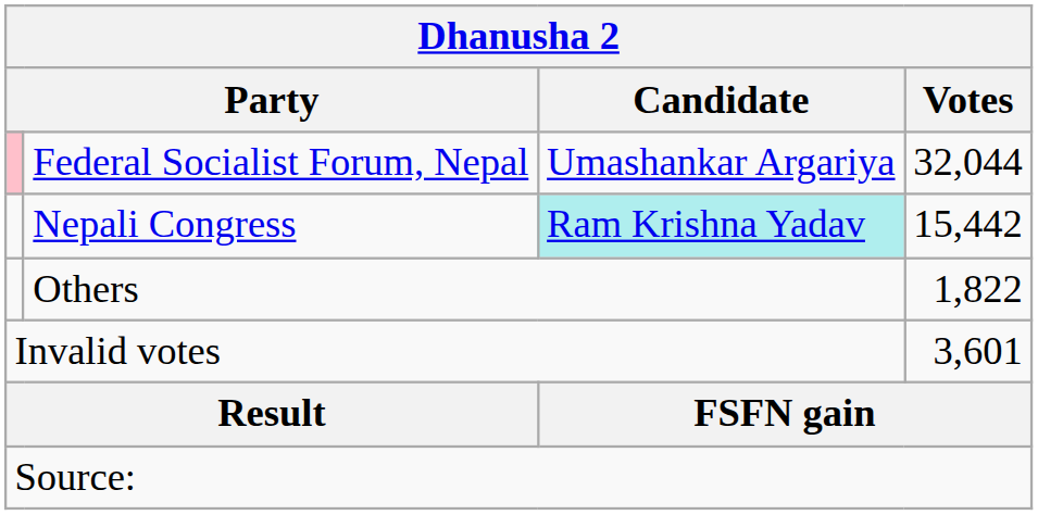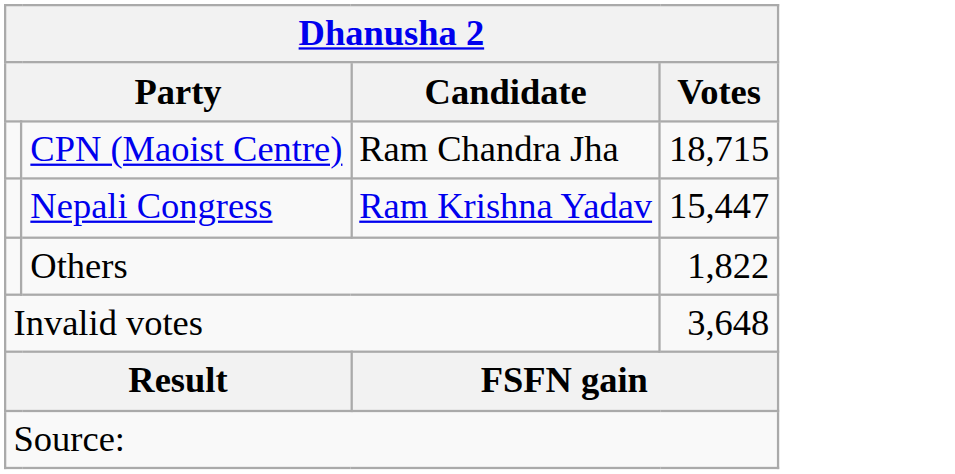 <table class="wikitable">
 <tr>
 <th colspan="4"><a href='#'>Dhanusha 2</a></th>
 </tr>
 <tr>
 <th colspan="2">Party</th>
 <th>Candidate</th>
 <th>Votes</th>
 </tr>
 <tr>
-<td style="background-color:#ffc0cb"></td>
-<td><a href='#'>Federal Socialist Forum, Nepal</a></td>
-<td><a href='#'>Umashankar Argariya</a></td>
-<td style="text-align:right ">32,044</td>
+<td style="background-color:"></td>
+<td><a href='#'>CPN (Maoist Centre)</a></td>
+<td>Ram Chandra Jha</td>
+<td style="text-align:right ">18,715</td>
 </tr>
 <tr>
 <td style="background-color:"></td>
 <td><a href='#'>Nepali Congress</a></td>
-<td style="background: paleturquoise;"><a href='#'>Ram Krishna Yadav</a></td>
-<td style="text-align:right ">15,442</td>
+<td><a href='#'>Ram Krishna Yadav</a></td>
+<td style="text-align:right ">15,447</td>
 </tr>
 <tr>
 <td></td>
 <td colspan="2">Others</td>
 <td style="text-align:right ">1,822</td>
 </tr>
 <tr>
 <td colspan="3">Invalid votes</td>
-<td style="text-align:right ">3,601</td>
+<td style="text-align:right ">3,648</td>
 </tr>
 <tr>
 <th colspan="2">Result</th>
 <th colspan="2">FSFN gain</th>
 </tr>
 <tr>
 <td colspan="4">Source: </td>
 </tr>
 </table>
